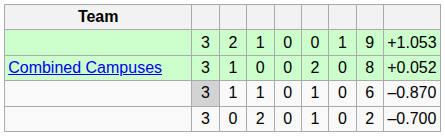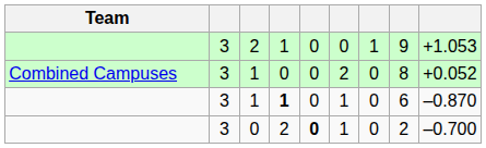 <table class="wikitable" style="text-align:center">
 <tr>
 <th width=180>Team</th>
 <th width=20></th>
 <th width=20></th>
 <th width=20></th>
 <th width=20></th>
 <th width=20></th>
 <th width=20></th>
 <th width=20></th>
 <th width=45></th>
 </tr>
 <tr style="background:#cfc">
 <td align="left"></td>
 <td>3</td>
 <td>2</td>
 <td>1</td>
 <td>0</td>
 <td>0</td>
 <td>1</td>
 <td>9</td>
 <td>+1.053</td>
 </tr>
 <tr style="background:#cfc">
 <td align="left"> <a href='#'>Combined Campuses</a></td>
 <td>3</td>
 <td>1</td>
 <td>0</td>
 <td>0</td>
 <td>2</td>
 <td>0</td>
 <td>8</td>
 <td>+0.052</td>
 </tr>
 <tr>
 <td align="left"></td>
-<td style="background: lightgrey;">3</td>
+<td>3</td>
 <td>1</td>
-<td>1</td>
+<td><strong>1</strong></td>
 <td>0</td>
 <td>1</td>
 <td>0</td>
 <td>6</td>
 <td>–0.870</td>
 </tr>
 <tr>
 <td align="left"></td>
 <td>3</td>
 <td>0</td>
 <td>2</td>
-<td>0</td>
+<td><strong>0</strong></td>
 <td>1</td>
 <td>0</td>
 <td>2</td>
 <td>–0.700</td>
 </tr>
 </table>
